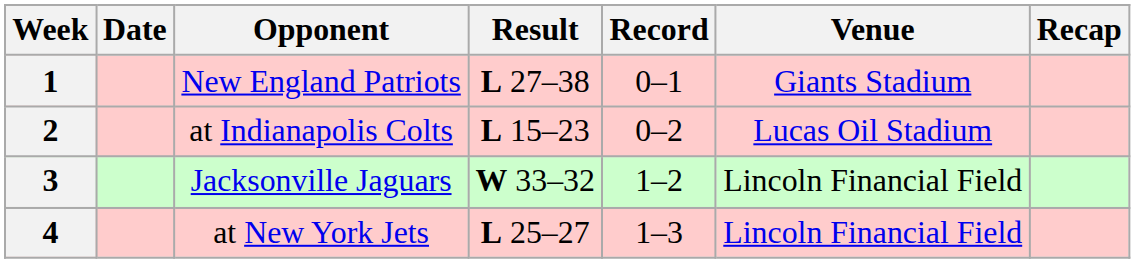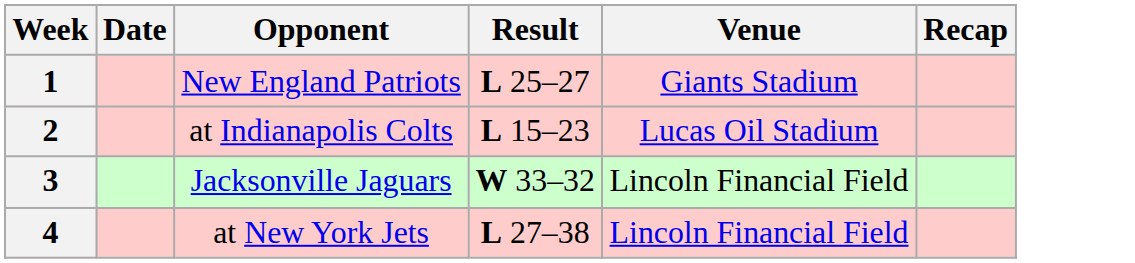 <table class="wikitable" style="text-align:center">
 <tr>
 <th>Week</th>
 <th>Date</th>
 <th>Opponent</th>
 <th>Result</th>
-<th>Record</th>
 <th>Venue</th>
 <th>Recap</th>
 </tr>
 <tr style="background:#fcc;">
 <th>1</th>
 <td></td>
 <td><a href='#'>New England Patriots</a></td>
-<td><strong>L</strong> 27–38</td>
-<td>0–1</td>
+<td><strong>L</strong> 25–27</td>
 <td><a href='#'>Giants Stadium</a></td>
 <td></td>
 </tr>
 <tr style="background:#fcc">
 <th>2</th>
 <td></td>
 <td>at <a href='#'>Indianapolis Colts</a></td>
 <td><strong>L</strong> 15–23</td>
-<td>0–2</td>
 <td><a href='#'>Lucas Oil Stadium</a></td>
 <td></td>
 </tr>
 <tr style="background:#cfc">
 <th>3</th>
 <td></td>
 <td><a href='#'>Jacksonville Jaguars</a></td>
 <td><strong>W</strong> 33–32</td>
-<td>1–2</td>
 <td>Lincoln Financial Field</td>
 <td></td>
 </tr>
 <tr style="background:#fcc">
 <th>4</th>
 <td></td>
 <td>at <a href='#'>New York Jets</a></td>
-<td><strong>L</strong> 25–27</td>
-<td>1–3</td>
+<td><strong>L</strong> 27–38</td>
 <td><a href='#'>Lincoln Financial Field</a></td>
 <td></td>
 </tr>
 </table>
